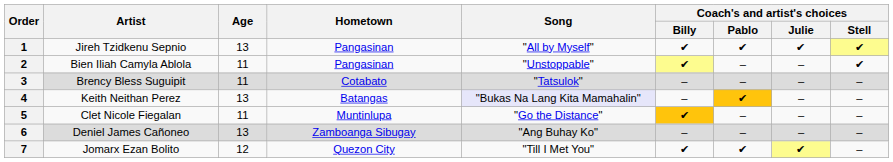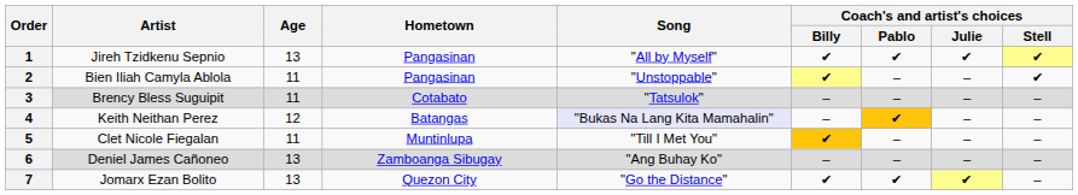 <table class="wikitable" style="text-align:center; line-height:17px; width:100%">
 <tr>
 <th scope="col" rowspan="2" style="width:04%">Order</th>
 <th scope="col" rowspan="2" style="width:18%">Artist</th>
 <th scope="col" rowspan="2" style="width:05%">Age</th>
 <th scope="col" rowspan="2" style="width:20%">Hometown</th>
 <th scope="col" rowspan="2" style="width:20%">Song</th>
 <th scope="col" colspan="4" style="width:24%">Coach's and artist's choices</th>
 </tr>
 <tr>
 <th style="width:06%">Billy</th>
 <th style="width:06%">Pablo</th>
 <th style="width:06%">Julie</th>
 <th style="width:06%">Stell</th>
 </tr>
 <tr>
 <th>1</th>
 <td>Jireh Tzidkenu Sepnio</td>
 <td>13</td>
 <td><a href='#'>Pangasinan</a></td>
 <td>"<a href='#'>All by Myself</a>"</td>
 <td>✔</td>
 <td>✔</td>
 <td>✔</td>
 <td style="background:#fdfc8f;">✔</td>
 </tr>
 <tr>
 <th>2</th>
 <td>Bien Iliah Camyla Ablola</td>
 <td>11</td>
 <td><a href='#'>Pangasinan</a></td>
 <td>"<a href='#'>Unstoppable</a>"</td>
 <td style="background:#fdfc8f;">✔</td>
 <td>–</td>
 <td>–</td>
 <td>✔</td>
 </tr>
 <tr style="background:#DCDCDC;">
 <th>3</th>
 <td>Brency Bless Suguipit</td>
 <td>11</td>
 <td><a href='#'>Cotabato</a></td>
 <td>"<a href='#'>Tatsulok</a>"</td>
 <td>–</td>
 <td>–</td>
 <td>–</td>
 <td>–</td>
 </tr>
 <tr>
 <th>4</th>
 <td>Keith Neithan Perez</td>
-<td>13</td>
+<td>12</td>
 <td><a href='#'>Batangas</a></td>
 <td style="background: lavender;">"Bukas Na Lang Kita Mamahalin"</td>
 <td>–</td>
 <td style="background:#FFC40C;">✔</td>
 <td>–</td>
 <td>–</td>
 </tr>
 <tr>
 <th>5</th>
 <td>Clet Nicole Fiegalan</td>
 <td>11</td>
 <td><a href='#'>Muntinlupa</a></td>
-<td>"<a href='#'>Go the Distance</a>"</td>
+<td>"Till I Met You"</td>
 <td style="background:#FFC40C;">✔</td>
 <td>–</td>
 <td>–</td>
 <td>–</td>
 </tr>
 <tr style="background:#DCDCDC;">
 <th>6</th>
 <td>Deniel James Cañoneo</td>
 <td>13</td>
 <td><a href='#'>Zamboanga Sibugay</a></td>
 <td>"Ang Buhay Ko"</td>
 <td>–</td>
 <td>–</td>
 <td>–</td>
 <td>–</td>
 </tr>
 <tr>
 <th>7</th>
 <td>Jomarx Ezan Bolito</td>
-<td>12</td>
+<td>13</td>
 <td><a href='#'>Quezon City</a></td>
-<td>"Till I Met You"</td>
+<td>"<a href='#'>Go the Distance</a>"</td>
 <td>✔</td>
 <td>✔</td>
 <td style="background:#fdfc8f;">✔</td>
 <td>–</td>
 </tr>
 </table>
